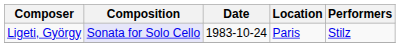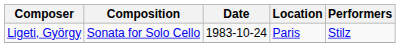 <table class="wikitable sortable">
 <tr>
 <th>Composer</th>
 <th>Composition</th>
 <th>Date</th>
 <th>Location</th>
 <th>Performers</th>
 </tr>
 <tr>
 <td><a href='#'>Ligeti, György</a></td>
-<td style="background: lavender;"><a href='#'>Sonata for Solo Cello</a></td>
+<td><a href='#'>Sonata for Solo Cello</a></td>
 <td>1983-10-24</td>
 <td> <a href='#'>Paris</a></td>
 <td><a href='#'>Stilz</a></td>
 </tr>
 <tr>
 </tr>
 </table>
